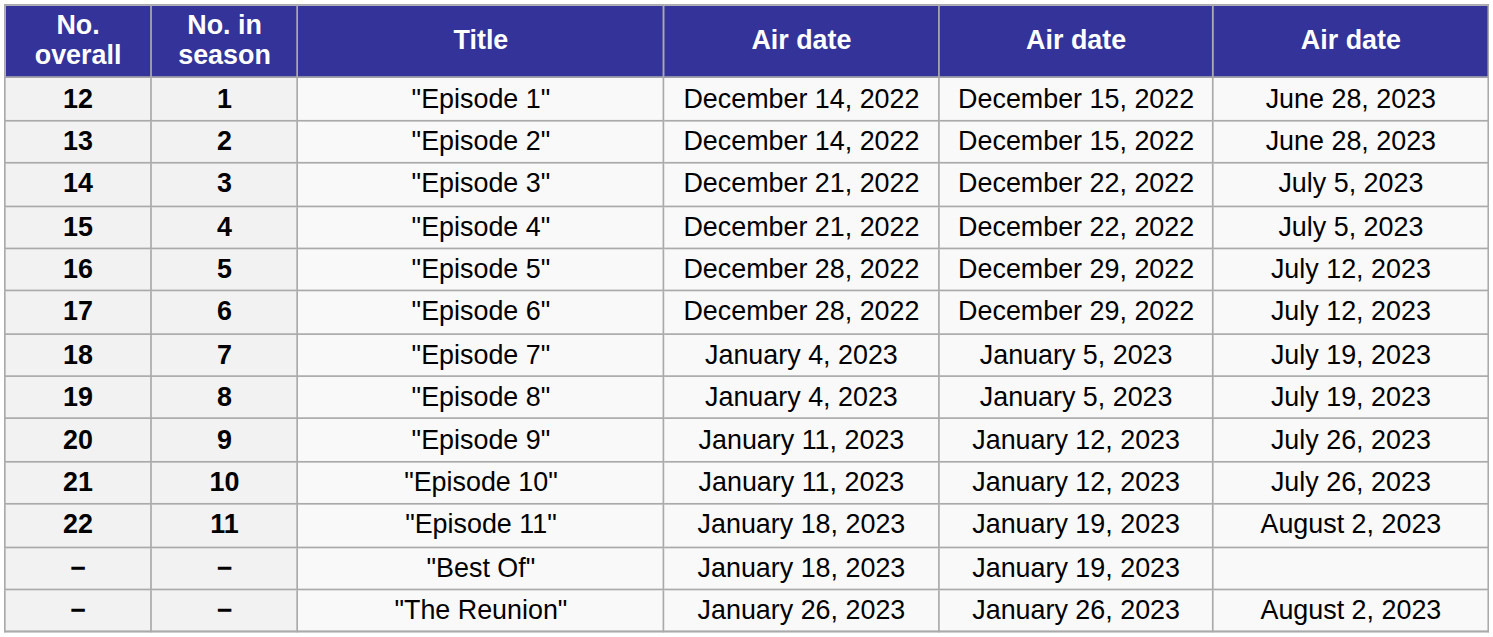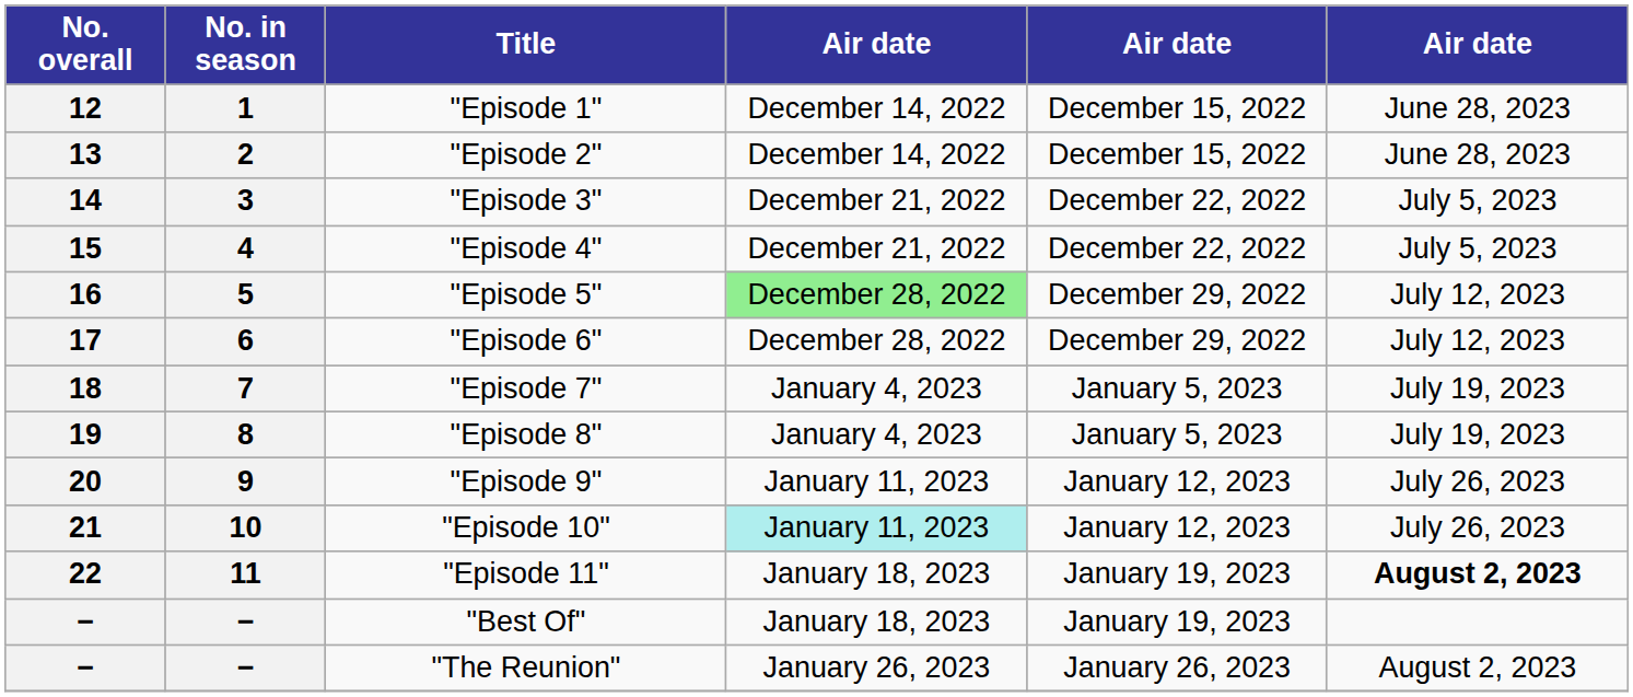 <table class="wikitable" style="text-align:center; width:100%;">
 <tr style="background:#333399;"|>
 <td style="color:white"  width="8%"><strong>No.<br>overall</strong></td>
 <td style="color:white"  width="8%"><strong>No. in<br>season</strong></td>
 <td style="color:white"  width="20%"><strong>Title</strong></td>
 <td style="color:white"  width="15%"><strong>Air date<br></strong></td>
 <td style="color:white"  width="15%"><strong>Air date<br></strong></td>
 <td style="color:white"  width="15%"><strong>Air date<br></strong></td>
 </tr>
 <tr>
 <th>12</th>
 <th>1</th>
 <td>"Episode 1"</td>
 <td>December 14, 2022</td>
 <td>December 15, 2022</td>
 <td>June 28, 2023</td>
 </tr>
 <tr>
 <th>13</th>
 <th>2</th>
 <td>"Episode 2"</td>
 <td>December 14, 2022</td>
 <td>December 15, 2022</td>
 <td>June 28, 2023</td>
 </tr>
 <tr>
 <th>14</th>
 <th>3</th>
 <td>"Episode 3"</td>
 <td>December 21, 2022</td>
 <td>December 22, 2022</td>
 <td>July 5, 2023</td>
 </tr>
 <tr>
 <th>15</th>
 <th>4</th>
 <td>"Episode 4"</td>
 <td>December 21, 2022</td>
 <td>December 22, 2022</td>
 <td>July 5, 2023</td>
 </tr>
 <tr>
 <th>16</th>
 <th>5</th>
 <td>"Episode 5"</td>
-<td>December 28, 2022</td>
+<td style="background: lightgreen;">December 28, 2022</td>
 <td>December 29, 2022</td>
 <td>July 12, 2023</td>
 </tr>
 <tr>
 <th>17</th>
 <th>6</th>
 <td>"Episode 6"</td>
 <td>December 28, 2022</td>
 <td>December 29, 2022</td>
 <td>July 12, 2023</td>
 </tr>
 <tr>
 <th>18</th>
 <th>7</th>
 <td>"Episode 7"</td>
 <td>January 4, 2023</td>
 <td>January 5, 2023</td>
 <td>July 19, 2023</td>
 </tr>
 <tr>
 <th>19</th>
 <th>8</th>
 <td>"Episode 8"</td>
 <td>January 4, 2023</td>
 <td>January 5, 2023</td>
 <td>July 19, 2023</td>
 </tr>
 <tr>
 <th>20</th>
 <th>9</th>
 <td>"Episode 9"</td>
 <td>January 11, 2023</td>
 <td>January 12, 2023</td>
 <td>July 26, 2023</td>
 </tr>
 <tr>
 <th>21</th>
 <th>10</th>
 <td>"Episode 10"</td>
-<td>January 11, 2023</td>
+<td style="background: paleturquoise;">January 11, 2023</td>
 <td>January 12, 2023</td>
 <td>July 26, 2023</td>
 </tr>
 <tr>
 <th>22</th>
 <th>11</th>
 <td>"Episode 11"</td>
 <td>January 18, 2023</td>
 <td>January 19, 2023</td>
-<td>August 2, 2023</td>
+<td><strong>August 2, 2023</strong></td>
 </tr>
 <tr>
 <th>−</th>
 <th>−</th>
 <td>"Best Of"</td>
 <td>January 18, 2023</td>
 <td>January 19, 2023</td>
 <td></td>
 </tr>
 <tr>
 <th>−</th>
 <th>−</th>
 <td>"The Reunion"</td>
 <td>January 26, 2023</td>
 <td>January 26, 2023</td>
 <td>August 2, 2023</td>
 </tr>
 <tr>
 </tr>
 </table>
